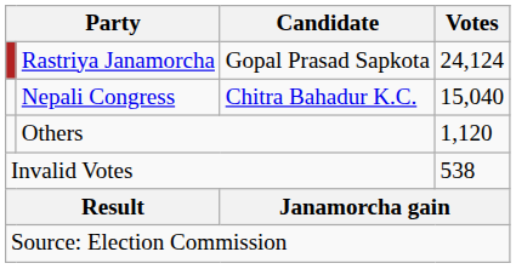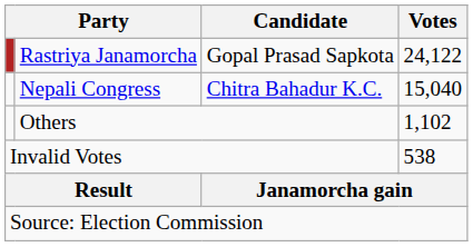 <table class="wikitable">
 <tr>
 <th colspan="2">Party</th>
 <th>Candidate</th>
 <th>Votes</th>
 </tr>
 <tr>
 <td style="background-color:firebrick"></td>
 <td><a href='#'>Rastriya Janamorcha</a></td>
 <td>Gopal Prasad Sapkota</td>
-<td>24,124</td>
+<td>24,122</td>
 </tr>
 <tr>
 <td style="background-color:"></td>
 <td><a href='#'>Nepali Congress</a></td>
 <td><a href='#'>Chitra Bahadur K.C.</a></td>
 <td>15,040</td>
 </tr>
 <tr>
 <td></td>
 <td colspan="2">Others</td>
-<td>1,120</td>
+<td>1,102</td>
 </tr>
 <tr>
 <td colspan="3">Invalid Votes</td>
 <td>538</td>
 </tr>
 <tr>
 <th colspan="2">Result</th>
 <th colspan="2">Janamorcha gain</th>
 </tr>
 <tr>
 <td colspan="4">Source: Election Commission</td>
 </tr>
 </table>
